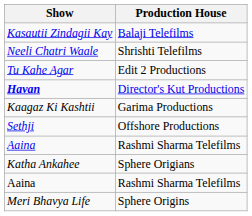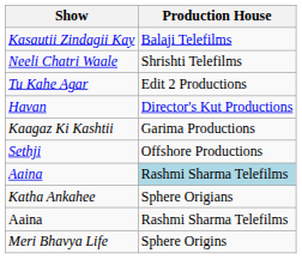 <table class="wikitable">
 <tr>
 <th>Show</th>
 <th>Production House</th>
 </tr>
 <tr>
 <td><em><a href='#'>Kasautii Zindagii Kay</a></em></td>
 <td><a href='#'>Balaji Telefilms</a></td>
 </tr>
 <tr>
 <td><em><a href='#'>Neeli Chatri Waale</a></em></td>
 <td>Shrishti Telefilms</td>
 </tr>
 <tr>
 <td><em><a href='#'>Tu Kahe Agar</a></em></td>
 <td>Edit 2 Productions</td>
 </tr>
 <tr>
-<td><strong><em><a href='#'>Havan</a></em></strong></td>
+<td><em><a href='#'>Havan</a></em></td>
 <td><a href='#'>Director's Kut Productions</a></td>
 </tr>
 <tr>
 <td><em>Kaagaz Ki Kashtii</em></td>
 <td>Garima Productions</td>
 </tr>
 <tr>
 <td><em><a href='#'>Sethji</a></em></td>
 <td>Offshore Productions</td>
 </tr>
 <tr>
 <td><em><a href='#'>Aaina</a></em></td>
-<td>Rashmi Sharma Telefilms</td>
+<td style="background: lightblue;">Rashmi Sharma Telefilms</td>
 </tr>
 <tr>
 <td><em>Katha Ankahee</em></td>
 <td>Sphere Origians</td>
 </tr>
 <tr>
 <td>Aaina</td>
 <td>Rashmi Sharma Telefilms</td>
 </tr>
 <tr>
 <td><em>Meri Bhavya Life</em></td>
 <td>Sphere Origins</td>
 </tr>
 </table>
